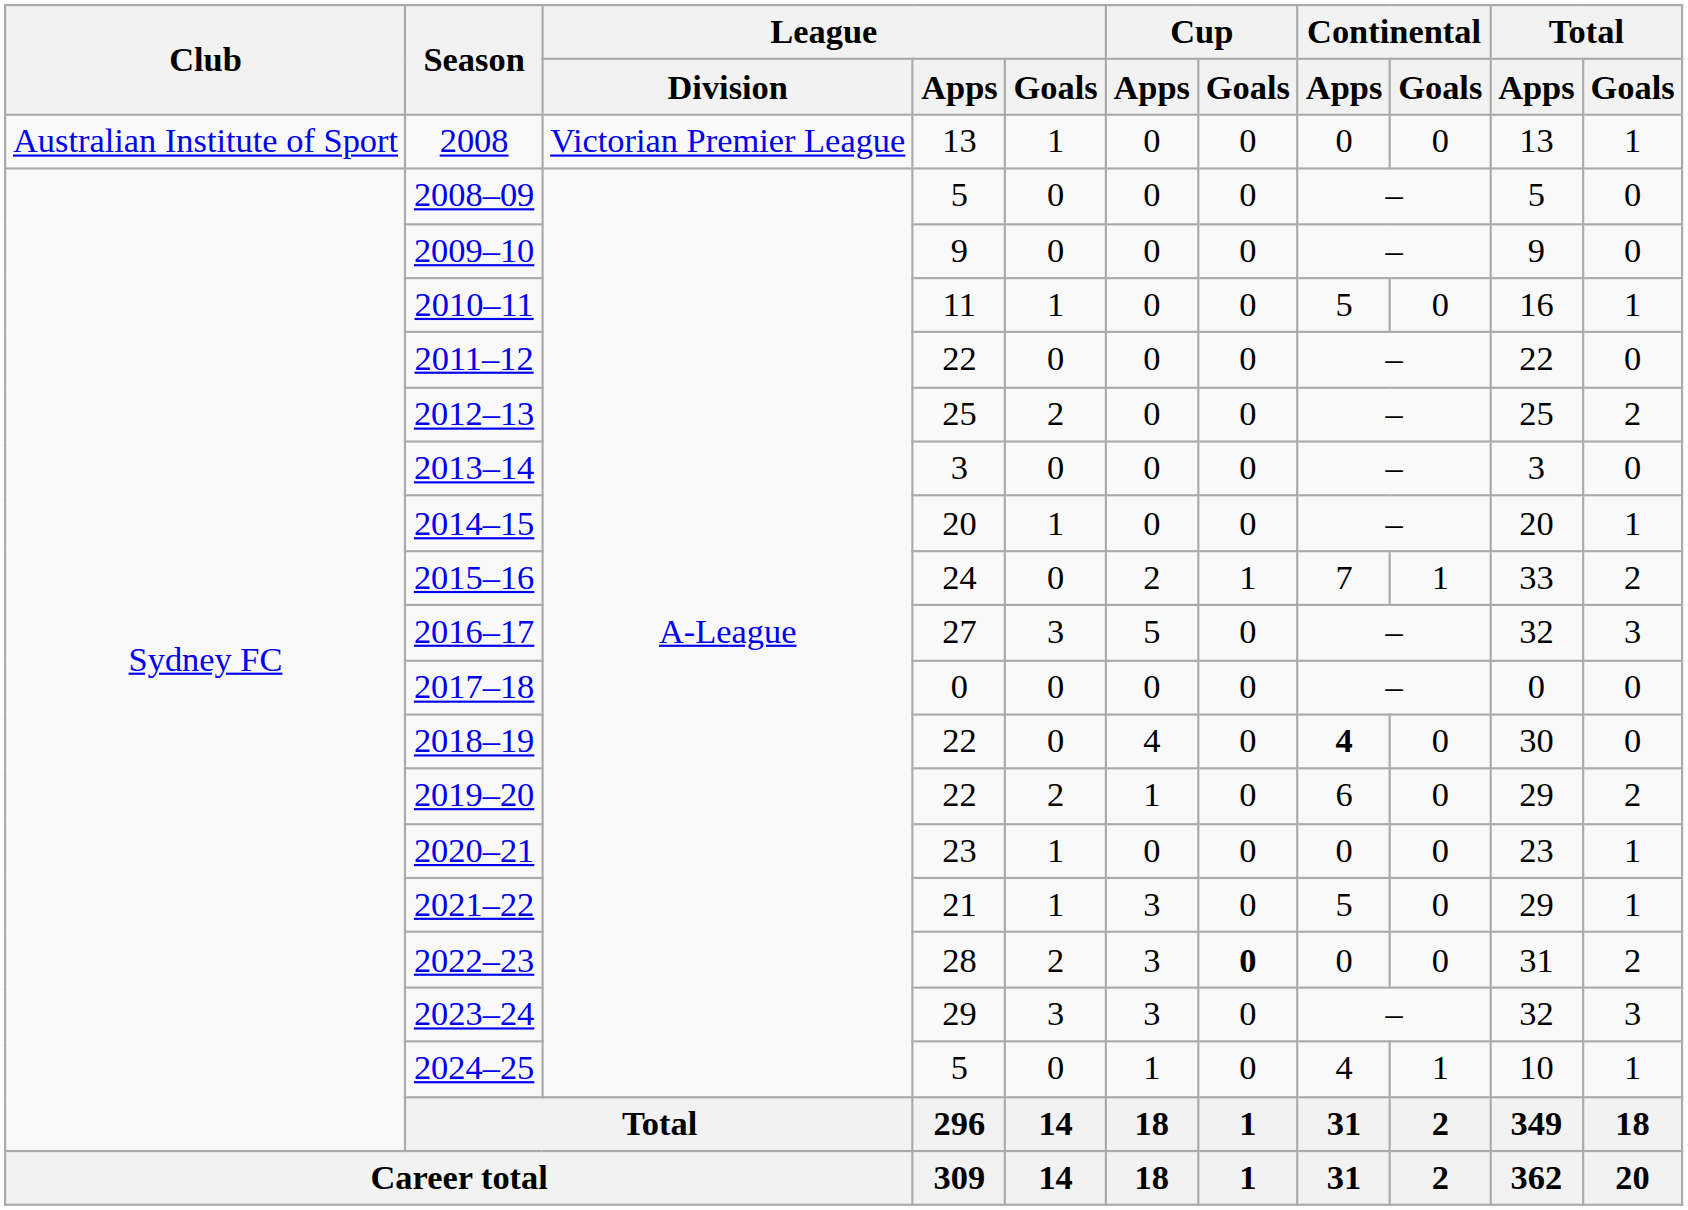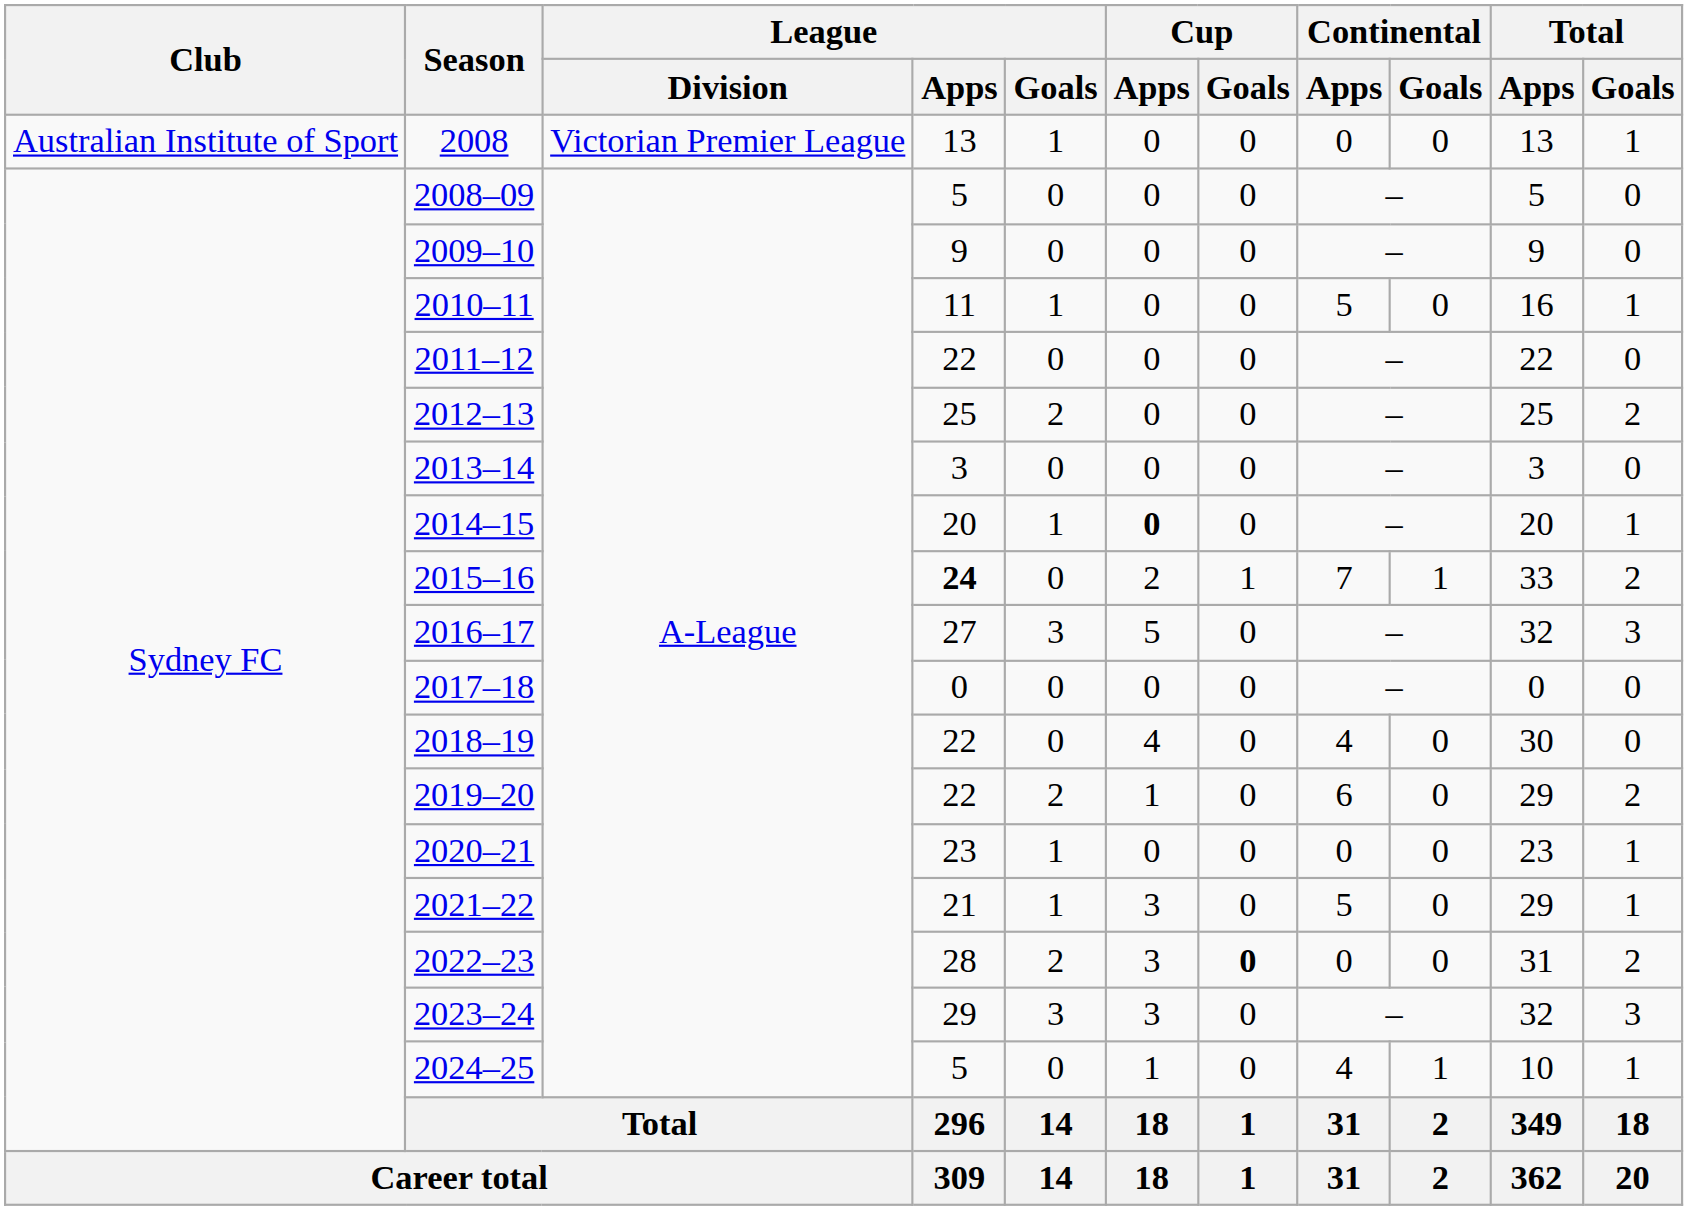 <table class="wikitable" style="text-align:center">
 <tr>
 <th rowspan="2">Club</th>
 <th rowspan="2">Season</th>
 <th colspan="3">League</th>
 <th colspan="2">Cup</th>
 <th colspan="2">Continental</th>
 <th colspan="2">Total</th>
 </tr>
 <tr>
 <th>Division</th>
 <th>Apps</th>
 <th>Goals</th>
 <th>Apps</th>
 <th>Goals</th>
 <th>Apps</th>
 <th>Goals</th>
 <th>Apps</th>
 <th>Goals</th>
 </tr>
 <tr>
 <td><a href='#'>Australian Institute of Sport</a></td>
 <td><a href='#'>2008</a></td>
 <td><a href='#'>Victorian Premier League</a></td>
 <td>13</td>
 <td>1</td>
 <td>0</td>
 <td>0</td>
 <td>0</td>
 <td>0</td>
 <td>13</td>
 <td>1</td>
 </tr>
 <tr>
 <td rowspan="18"><a href='#'>Sydney FC</a></td>
 <td><a href='#'>2008–09</a></td>
 <td rowspan="17"><a href='#'>A-League</a></td>
 <td>5</td>
 <td>0</td>
 <td>0</td>
 <td>0</td>
 <td colspan="2">–</td>
 <td>5</td>
 <td>0</td>
 </tr>
 <tr>
 <td><a href='#'>2009–10</a></td>
 <td>9</td>
 <td>0</td>
 <td>0</td>
 <td>0</td>
 <td colspan="2">–</td>
 <td>9</td>
 <td>0</td>
 </tr>
 <tr>
 <td><a href='#'>2010–11</a></td>
 <td>11</td>
 <td>1</td>
 <td>0</td>
 <td>0</td>
 <td>5</td>
 <td>0</td>
 <td>16</td>
 <td>1</td>
 </tr>
 <tr>
 <td><a href='#'>2011–12</a></td>
 <td>22</td>
 <td>0</td>
 <td>0</td>
 <td>0</td>
 <td colspan="2">–</td>
 <td>22</td>
 <td>0</td>
 </tr>
 <tr>
 <td><a href='#'>2012–13</a></td>
 <td>25</td>
 <td>2</td>
 <td>0</td>
 <td>0</td>
 <td colspan="2">–</td>
 <td>25</td>
 <td>2</td>
 </tr>
 <tr>
 <td><a href='#'>2013–14</a></td>
 <td>3</td>
 <td>0</td>
 <td>0</td>
 <td>0</td>
 <td colspan="2">–</td>
 <td>3</td>
 <td>0</td>
 </tr>
 <tr>
 <td><a href='#'>2014–15</a></td>
 <td>20</td>
 <td>1</td>
-<td>0</td>
+<td><strong>0</strong></td>
 <td>0</td>
 <td colspan="2">–</td>
 <td>20</td>
 <td>1</td>
 </tr>
 <tr>
 <td><a href='#'>2015–16</a></td>
-<td>24</td>
+<td><strong>24</strong></td>
 <td>0</td>
 <td>2</td>
 <td>1</td>
 <td>7</td>
 <td>1</td>
 <td>33</td>
 <td>2</td>
 </tr>
 <tr>
 <td><a href='#'>2016–17</a></td>
 <td>27</td>
 <td>3</td>
 <td>5</td>
 <td>0</td>
 <td colspan="2">–</td>
 <td>32</td>
 <td>3</td>
 </tr>
 <tr>
 <td><a href='#'>2017–18</a></td>
 <td>0</td>
 <td>0</td>
 <td>0</td>
 <td>0</td>
 <td colspan="2">–</td>
 <td>0</td>
 <td>0</td>
 </tr>
 <tr>
 <td><a href='#'>2018–19</a></td>
 <td>22</td>
 <td>0</td>
 <td>4</td>
 <td>0</td>
-<td><strong>4</strong></td>
+<td>4</td>
 <td>0</td>
 <td>30</td>
 <td>0</td>
 </tr>
 <tr>
 <td><a href='#'>2019–20</a></td>
 <td>22</td>
 <td>2</td>
 <td>1</td>
 <td>0</td>
 <td>6</td>
 <td>0</td>
 <td>29</td>
 <td>2</td>
 </tr>
 <tr>
 <td><a href='#'>2020–21</a></td>
 <td>23</td>
 <td>1</td>
 <td>0</td>
 <td>0</td>
 <td>0</td>
 <td>0</td>
 <td>23</td>
 <td>1</td>
 </tr>
 <tr>
 <td><a href='#'>2021–22</a></td>
 <td>21</td>
 <td>1</td>
 <td>3</td>
 <td>0</td>
 <td>5</td>
 <td>0</td>
 <td>29</td>
 <td>1</td>
 </tr>
 <tr>
 <td><a href='#'>2022–23</a></td>
 <td>28</td>
 <td>2</td>
 <td>3</td>
 <td><strong>0</strong></td>
 <td>0</td>
 <td>0</td>
 <td>31</td>
 <td>2</td>
 </tr>
 <tr>
 <td><a href='#'>2023–24</a></td>
 <td>29</td>
 <td>3</td>
 <td>3</td>
 <td>0</td>
 <td colspan="2">–</td>
 <td>32</td>
 <td>3</td>
 </tr>
 <tr>
 <td><a href='#'>2024–25</a></td>
 <td>5</td>
 <td>0</td>
 <td>1</td>
 <td>0</td>
 <td>4</td>
 <td>1</td>
 <td>10</td>
 <td>1</td>
 </tr>
 <tr>
 <th colspan="2">Total</th>
 <th>296</th>
 <th>14</th>
 <th>18</th>
 <th>1</th>
 <th>31</th>
 <th>2</th>
 <th>349</th>
 <th>18</th>
 </tr>
 <tr>
 <th colspan="3">Career total</th>
 <th>309</th>
 <th>14</th>
 <th>18</th>
 <th>1</th>
 <th>31</th>
 <th>2</th>
 <th>362</th>
 <th>20</th>
 </tr>
 </table>
